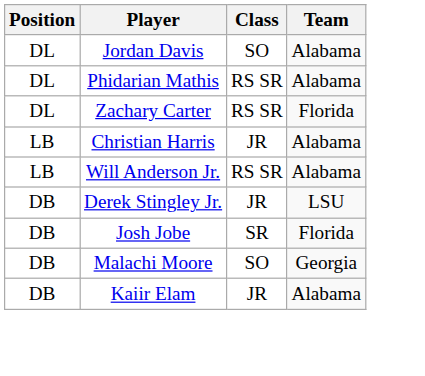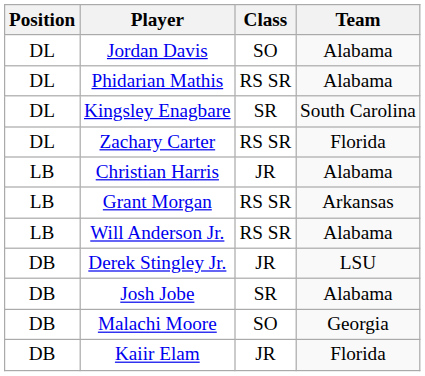 <table class="wikitable sortable">
 <tr>
 <th>Position</th>
 <th>Player</th>
 <th>Class</th>
 <th>Team</th>
 </tr>
 <tr style="text-align:center;">
 <td style="background:white">DL</td>
 <td style="background:white"><a href='#'>Jordan Davis</a></td>
 <td style="background:white">SO</td>
 <td>Alabama</td>
 </tr>
 <tr style="text-align:center;">
 <td style="background:white">DL</td>
 <td style="background:white"><a href='#'>Phidarian Mathis</a></td>
 <td style="background:white">RS SR</td>
 <td>Alabama</td>
 </tr>
 <tr style="text-align:center;">
 <td style="background:white">DL</td>
+<td style="background:white"><a href='#'>Kingsley Enagbare</a></td>
+<td style="background:white">SR</td>
+<td>South Carolina</td>
+</tr>
+<tr style="text-align:center;">
+<td style="background:white">DL</td>
 <td style="background:white"><a href='#'>Zachary Carter</a></td>
 <td style="background:white">RS SR</td>
 <td>Florida</td>
 </tr>
 <tr style="text-align:center;">
 <td style="background:white">LB</td>
 <td style="background:white"><a href='#'>Christian Harris</a></td>
 <td style="background:white">JR</td>
 <td>Alabama</td>
+</tr>
+<tr style="text-align:center;">
+<td style="background:white">LB</td>
+<td style="background:white"><a href='#'>Grant Morgan</a></td>
+<td style="background:white">RS SR</td>
+<td>Arkansas</td>
 </tr>
 <tr style="text-align:center;">
 <td style="background:white">LB</td>
 <td style="background:white"><a href='#'>Will Anderson Jr.</a></td>
 <td style="background:white">RS SR</td>
 <td>Alabama</td>
 </tr>
 <tr style="text-align:center;">
 <td style="background:white">DB</td>
 <td style="background:white"><a href='#'>Derek Stingley Jr.</a></td>
 <td style="background:white">JR</td>
 <td>LSU</td>
 </tr>
 <tr style="text-align:center;">
 <td style="background:white">DB</td>
 <td style="background:white"><a href='#'>Josh Jobe</a></td>
 <td style="background:white">SR</td>
-<td>Florida</td>
+<td>Alabama</td>
 </tr>
 <tr style="text-align:center;">
 <td style="background:white">DB</td>
 <td style="background:white"><a href='#'>Malachi Moore</a></td>
 <td style="background:white">SO</td>
 <td>Georgia</td>
 </tr>
 <tr style="text-align:center;">
 <td style="background:white">DB</td>
 <td style="background:white"><a href='#'>Kaiir Elam</a></td>
 <td style="background:white">JR</td>
-<td>Alabama</td>
+<td>Florida</td>
 </tr>
 </table>
